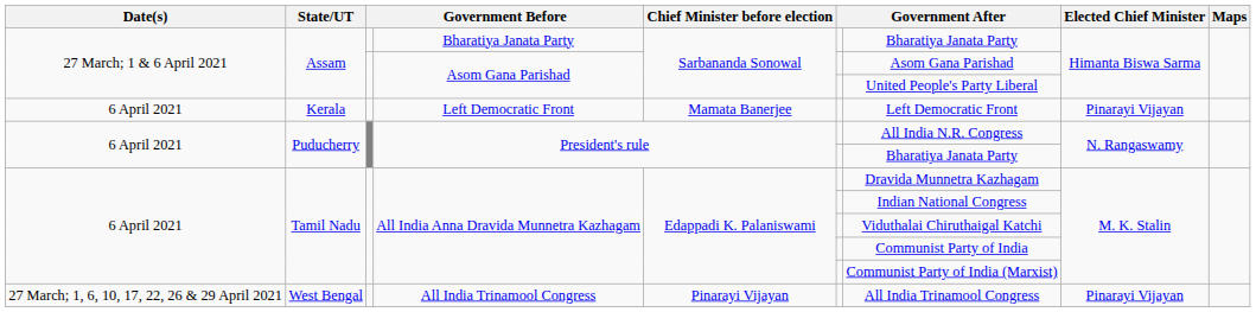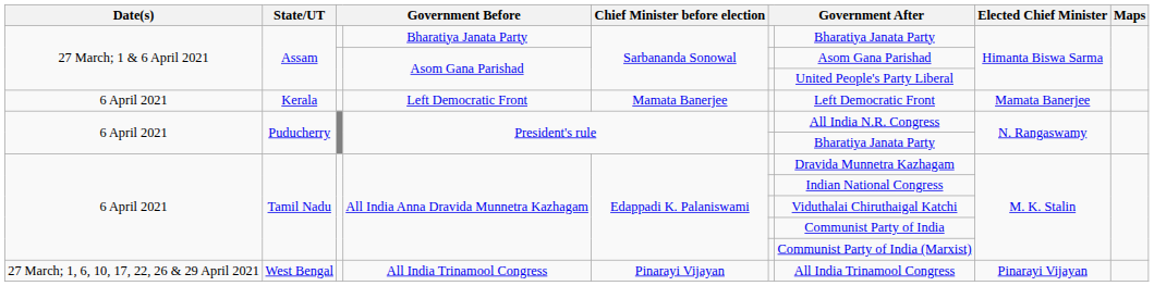 <table class="wikitable sortable" style="text-align:center;">
 <tr>
 <th>Date(s)</th>
 <th>State/UT</th>
 <th colspan="2">Government Before</th>
 <th>Chief Minister before election</th>
 <th colspan="2">Government  After</th>
 <th>Elected Chief Minister</th>
 <th>Maps</th>
 </tr>
 <tr>
 <td rowspan="3">27 March; 1 & 6 April 2021</td>
 <td rowspan="3"><a href='#'>Assam</a></td>
 <td></td>
 <td><a href='#'>Bharatiya Janata Party</a></td>
 <td rowspan="3"><a href='#'>Sarbananda Sonowal</a></td>
 <td></td>
 <td><a href='#'>Bharatiya Janata Party</a></td>
 <td rowspan="3"><a href='#'>Himanta Biswa Sarma</a></td>
 <td rowspan=3></td>
 </tr>
 <tr style="text-align:center;">
 <td rowspan="2"></td>
 <td rowspan="2"><a href='#'>Asom Gana Parishad</a></td>
 <td></td>
 <td><a href='#'>Asom Gana Parishad</a></td>
 </tr>
 <tr>
 <td></td>
 <td><a href='#'>United People's Party Liberal</a></td>
 </tr>
 <tr style="text-align:center;">
 <td>6 April 2021</td>
 <td><a href='#'>Kerala</a></td>
 <td></td>
 <td><a href='#'>Left Democratic Front</a></td>
 <td><a href='#'>Mamata Banerjee</a></td>
 <td></td>
 <td><a href='#'>Left Democratic Front</a></td>
-<td><a href='#'>Pinarayi Vijayan</a></td>
+<td><a href='#'>Mamata Banerjee</a></td>
 <td></td>
 </tr>
 <tr style="text-align:center;">
 <td rowspan="2">6 April 2021</td>
 <td rowspan="2"><a href='#'>Puducherry</a></td>
 <td rowspan="2" bgcolor="grey"></td>
 <td colspan="2" rowspan="2"><a href='#'>President's rule</a></td>
 <td></td>
 <td><a href='#'>All India N.R. Congress</a></td>
 <td rowspan="2"><a href='#'>N. Rangaswamy</a></td>
 <td rowspan=2></td>
 </tr>
 <tr style="text-align:center;">
 <td></td>
 <td><a href='#'>Bharatiya Janata Party</a></td>
 </tr>
 <tr style="text-align:center;">
 <td rowspan="5">6 April 2021</td>
 <td rowspan="5"><a href='#'>Tamil Nadu</a></td>
 <td rowspan="5"></td>
 <td rowspan="5"><a href='#'>All India Anna Dravida Munnetra Kazhagam</a></td>
 <td rowspan="5"><a href='#'>Edappadi K. Palaniswami</a></td>
 <td></td>
 <td><a href='#'>Dravida Munnetra Kazhagam</a></td>
 <td rowspan="5"><a href='#'>M. K. Stalin</a></td>
 <td rowspan="5"></td>
 </tr>
 <tr style="text-align:center;">
 <td></td>
 <td><a href='#'>Indian National Congress</a></td>
 </tr>
 <tr>
 <td></td>
 <td><a href='#'>Viduthalai Chiruthaigal Katchi</a></td>
 </tr>
 <tr>
 <td></td>
 <td><a href='#'>Communist Party of India</a></td>
 </tr>
 <tr>
 <td></td>
 <td><a href='#'>Communist Party of India (Marxist)</a></td>
 </tr>
 <tr style="text-align:center;">
 <td>27 March; 1, 6, 10, 17, 22, 26 & 29 April 2021</td>
 <td><a href='#'>West Bengal</a></td>
 <td></td>
 <td><a href='#'>All India Trinamool Congress</a></td>
 <td><a href='#'>Pinarayi Vijayan</a></td>
 <td></td>
 <td><a href='#'>All India Trinamool Congress</a></td>
 <td><a href='#'>Pinarayi Vijayan</a></td>
 <td></td>
 </tr>
 </table>
